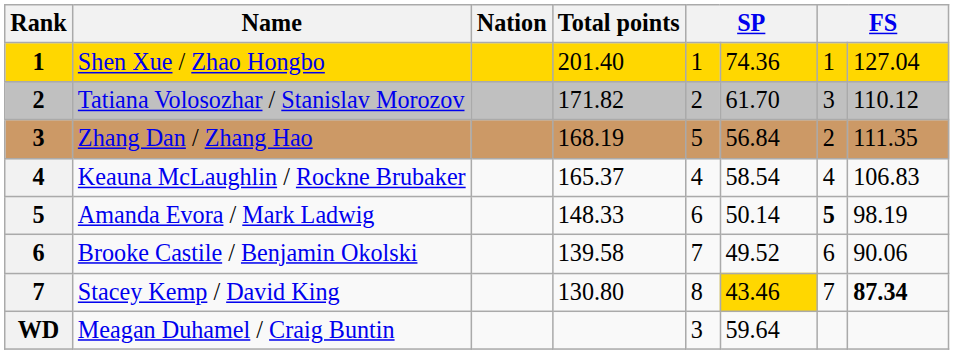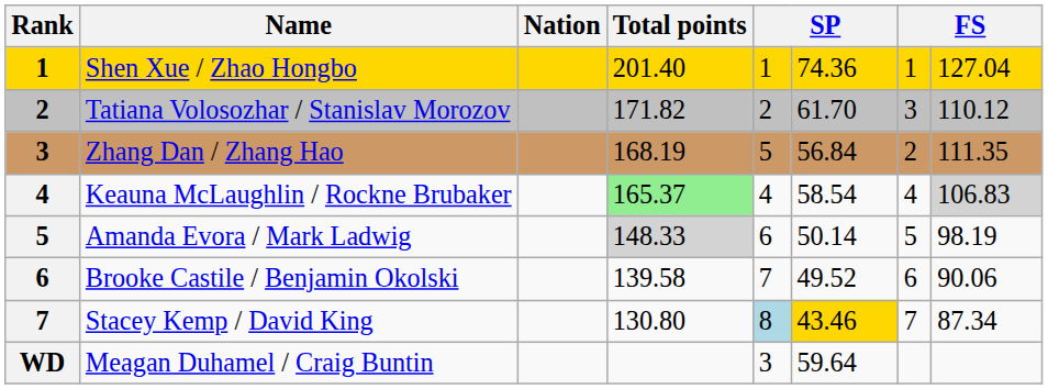 <table class="wikitable sortable">
 <tr>
 <th>Rank</th>
 <th>Name</th>
 <th>Nation</th>
 <th>Total points</th>
 <th colspan="2" width="80px"><a href='#'>SP</a></th>
 <th colspan="2" width="80px"><a href='#'>FS</a></th>
 </tr>
 <tr bgcolor="gold">
 <td align="center"><strong>1</strong></td>
 <td><a href='#'>Shen Xue</a> / <a href='#'>Zhao Hongbo</a></td>
 <td></td>
 <td>201.40</td>
 <td>1</td>
 <td>74.36</td>
 <td>1</td>
 <td>127.04</td>
 </tr>
 <tr bgcolor="silver">
 <td align="center"><strong>2</strong></td>
 <td><a href='#'>Tatiana Volosozhar</a> / <a href='#'>Stanislav Morozov</a></td>
 <td></td>
 <td>171.82</td>
 <td>2</td>
 <td>61.70</td>
 <td>3</td>
 <td>110.12</td>
 </tr>
 <tr bgcolor="cc9966">
 <td align="center"><strong>3</strong></td>
 <td><a href='#'>Zhang Dan</a> / <a href='#'>Zhang Hao</a></td>
 <td></td>
 <td>168.19</td>
 <td>5</td>
 <td>56.84</td>
 <td>2</td>
 <td>111.35</td>
 </tr>
 <tr>
 <th>4</th>
 <td><a href='#'>Keauna McLaughlin</a> / <a href='#'>Rockne Brubaker</a></td>
 <td></td>
-<td>165.37</td>
+<td style="background: lightgreen;">165.37</td>
 <td>4</td>
 <td>58.54</td>
 <td>4</td>
-<td>106.83</td>
+<td style="background: lightgrey;">106.83</td>
 </tr>
 <tr>
 <th>5</th>
 <td><a href='#'>Amanda Evora</a> / <a href='#'>Mark Ladwig</a></td>
 <td></td>
-<td>148.33</td>
+<td style="background: lightgrey;">148.33</td>
 <td>6</td>
 <td>50.14</td>
-<td><strong>5</strong></td>
+<td>5</td>
 <td>98.19</td>
 </tr>
 <tr>
 <th>6</th>
 <td><a href='#'>Brooke Castile</a> / <a href='#'>Benjamin Okolski</a></td>
 <td></td>
 <td>139.58</td>
 <td>7</td>
 <td>49.52</td>
 <td>6</td>
 <td>90.06</td>
 </tr>
 <tr>
 <th>7</th>
 <td><a href='#'>Stacey Kemp</a> / <a href='#'>David King</a></td>
 <td></td>
 <td>130.80</td>
-<td>8</td>
+<td style="background: lightblue;">8</td>
 <td style="background: gold;">43.46</td>
 <td>7</td>
-<td><strong>87.34</strong></td>
+<td>87.34</td>
 </tr>
 <tr>
 <th>WD</th>
 <td><a href='#'>Meagan Duhamel</a> / <a href='#'>Craig Buntin</a></td>
 <td></td>
 <td></td>
 <td>3</td>
 <td>59.64</td>
 <td></td>
 <td></td>
 </tr>
 </table>
